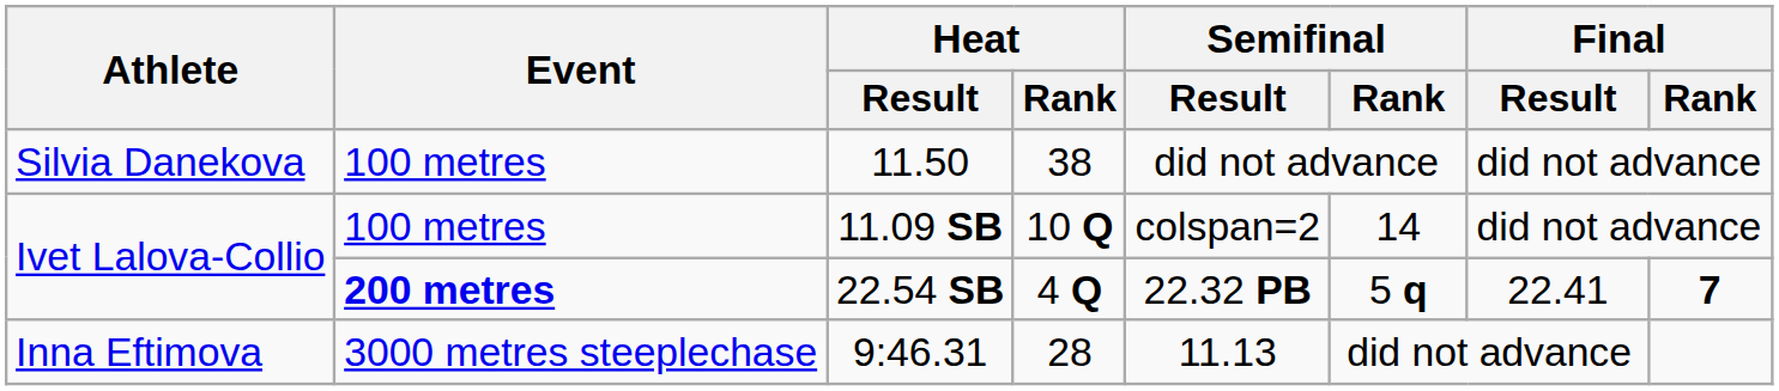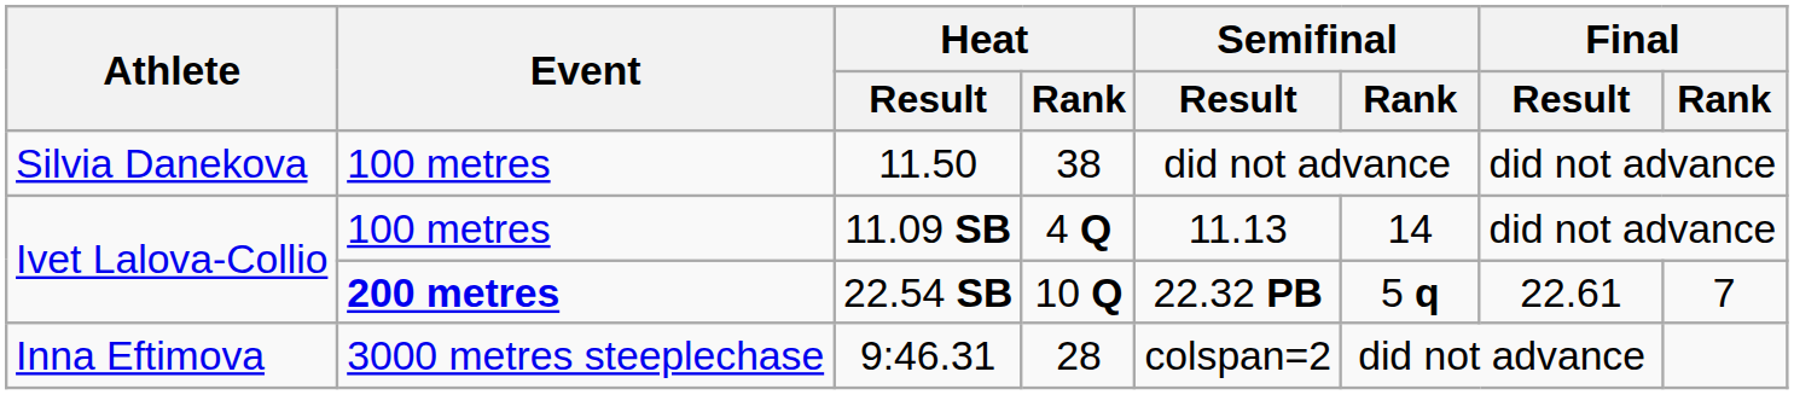 <table class="wikitable" style="font-size:90%">
 <tr>
 <th rowspan="2">Athlete</th>
 <th rowspan="2">Event</th>
 <th colspan="2">Heat</th>
 <th colspan="2">Semifinal</th>
 <th colspan="2">Final</th>
 </tr>
 <tr style="font-size:95%">
 <th>Result</th>
 <th>Rank</th>
 <th>Result</th>
 <th>Rank</th>
 <th>Result</th>
 <th>Rank</th>
 </tr>
 <tr style=text-align:center>
 <td style=text-align:left><a href='#'>Silvia Danekova</a></td>
 <td style=text-align:left><a href='#'>100 metres</a></td>
 <td>11.50</td>
 <td>38</td>
 <td colspan=2>did not advance</td>
 <td colspan=2>did not advance</td>
 </tr>
 <tr style=text-align:center>
 <td style=text-align:left rowspan=2><a href='#'>Ivet Lalova-Collio</a></td>
 <td style=text-align:left><a href='#'>100 metres</a></td>
 <td>11.09 <strong>SB</strong></td>
-<td>10 <strong>Q</strong></td>
-<td>colspan=2 </td>
+<td>4 <strong>Q</strong></td>
+<td>11.13</td>
 <td>14</td>
 <td colspan=2>did not advance</td>
 </tr>
 <tr style=text-align:center>
 <td style=text-align:left><strong><a href='#'>200 metres</a></strong></td>
 <td>22.54 <strong>SB</strong></td>
-<td>4 <strong>Q</strong></td>
+<td>10 <strong>Q</strong></td>
 <td>22.32 <strong>PB</strong></td>
 <td>5 <strong>q</strong></td>
-<td>22.41</td>
-<td><strong>7</strong></td>
+<td>22.61</td>
+<td>7</td>
 </tr>
 <tr style=text-align:center>
 <td style=text-align:left><a href='#'>Inna Eftimova</a></td>
 <td style=text-align:left><a href='#'>3000 metres steeplechase</a></td>
 <td>9:46.31</td>
 <td>28</td>
-<td>11.13</td>
+<td>colspan=2 </td>
 <td colspan=2>did not advance</td>
 </tr>
 </table>
